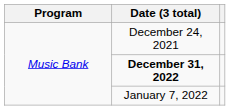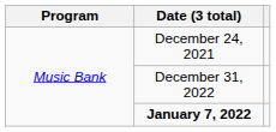 <table class="sortable wikitable" style="text-align:center;">
 <tr>
 <th width="140">Program</th>
 <th width="140">Date (3 total)</th>
 <th class="unsortable"></th>
 </tr>
 <tr>
 <td rowspan="3"><em><a href='#'>Music Bank</a></em></td>
 <td>December 24, 2021</td>
 <td></td>
 </tr>
 <tr>
-<td><strong>December 31, 2022</strong></td>
+<td>December 31, 2022</td>
 <td></td>
 </tr>
 <tr>
-<td>January 7, 2022</td>
+<td><strong>January 7, 2022</strong></td>
 <td></td>
 </tr>
 </table>
